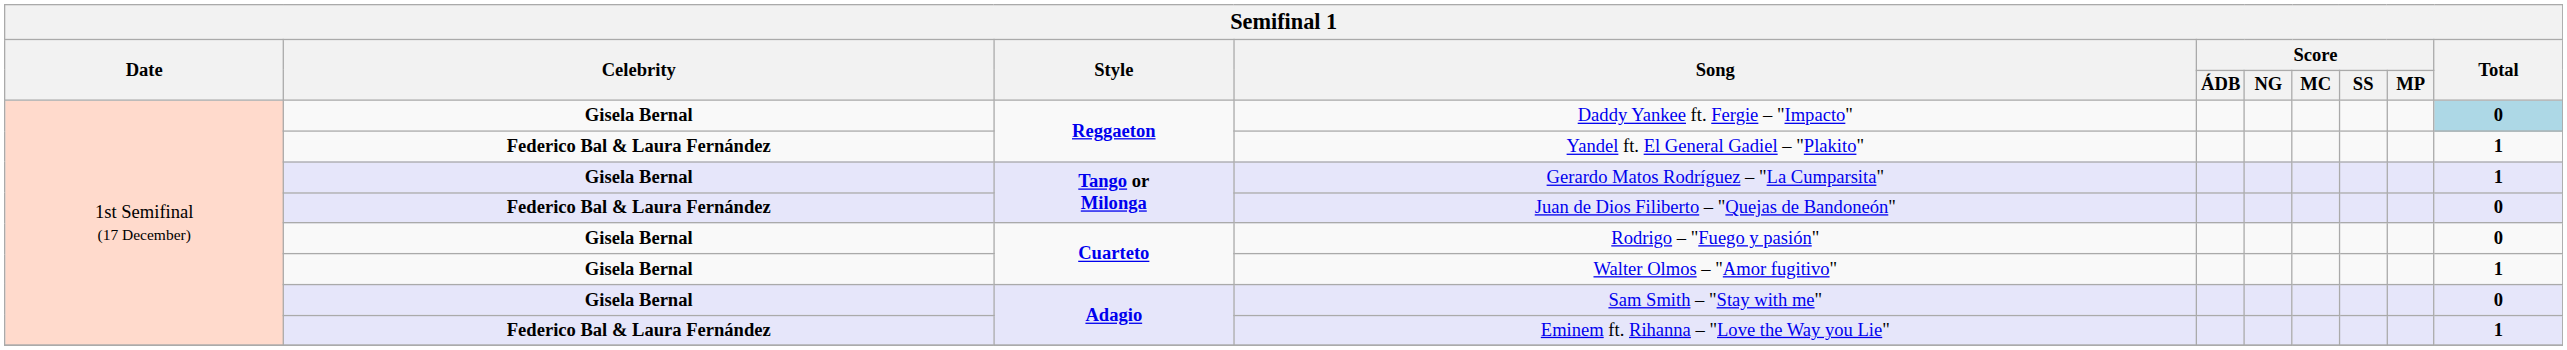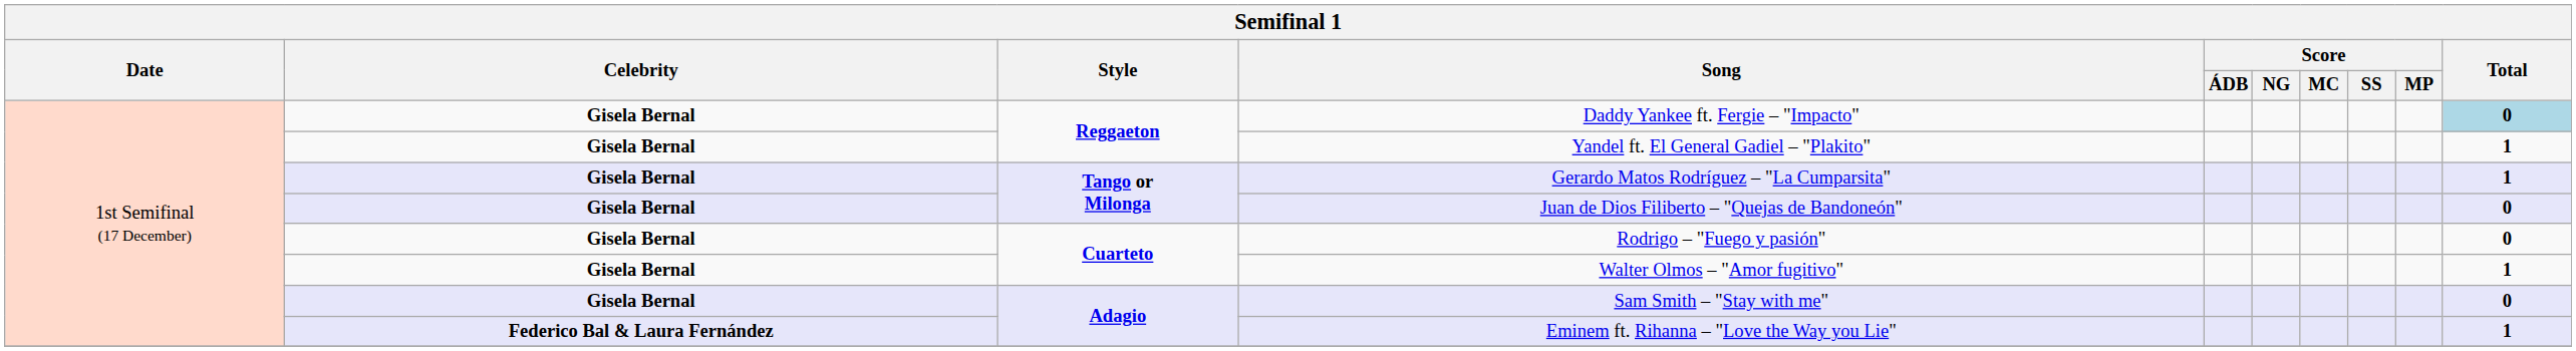 <table class="wikitable collapsible collapsed" style="font-size:90%; text-align: center; width: 100%;">
 <tr>
 <th colspan="11" style="with: 95%;" align=center><big>Semifinal 1</big></th>
 </tr>
 <tr>
 <th rowspan="2">Date</th>
 <th rowspan="2">Celebrity</th>
 <th rowspan="2">Style</th>
 <th rowspan="2">Song</th>
 <th colspan="5">Score</th>
 <th rowspan="2">Total</th>
 </tr>
 <tr>
 <th width=30>ÁDB</th>
 <th width=30>NG</th>
 <th width=30>MC</th>
 <th width=30>SS</th>
 <th width=30>MP</th>
 </tr>
 <tr>
 <td rowspan="8" style=" background:#ffdacc">1st Semifinal <br> <small>(17 December)</small></td>
 <td><strong>Gisela Bernal</strong></td>
 <td rowspan="2"><strong><a href='#'>Reggaeton</a></strong></td>
 <td><a href='#'>Daddy Yankee</a> ft. <a href='#'>Fergie</a> – "<a href='#'>Impacto</a>"</td>
 <td></td>
 <td></td>
 <td></td>
 <td></td>
 <td></td>
 <td style="background: lightblue;"><strong>0</strong></td>
 </tr>
 <tr>
-<td><strong>Federico Bal & Laura Fernández</strong></td>
+<td><strong>Gisela Bernal</strong></td>
 <td><a href='#'>Yandel</a> ft. <a href='#'>El General Gadiel</a> – "<a href='#'>Plakito</a>"</td>
 <td></td>
 <td></td>
 <td></td>
 <td></td>
 <td></td>
 <td><strong>1</strong></td>
 </tr>
 <tr style="background:lavender;">
 <td><strong>Gisela Bernal</strong></td>
 <td rowspan="2"><strong><a href='#'>Tango</a> or <br><a href='#'>Milonga</a></strong></td>
 <td><a href='#'>Gerardo Matos Rodríguez</a> – "<a href='#'>La Cumparsita</a>"</td>
 <td></td>
 <td></td>
 <td></td>
 <td></td>
 <td></td>
 <td><strong>1</strong></td>
 </tr>
 <tr style="background:lavender;">
-<td><strong>Federico Bal & Laura Fernández</strong></td>
+<td><strong>Gisela Bernal</strong></td>
 <td><a href='#'>Juan de Dios Filiberto</a> – "<a href='#'>Quejas de Bandoneón</a>"</td>
 <td></td>
 <td></td>
 <td></td>
 <td></td>
 <td></td>
 <td><strong>0</strong></td>
 </tr>
 <tr>
 <td><strong>Gisela Bernal</strong></td>
 <td rowspan="2"><strong><a href='#'>Cuarteto</a></strong></td>
 <td><a href='#'>Rodrigo</a> – "<a href='#'>Fuego y pasión</a>"</td>
 <td></td>
 <td></td>
 <td></td>
 <td></td>
 <td></td>
 <td><strong>0</strong></td>
 </tr>
 <tr>
 <td><strong>Gisela Bernal</strong></td>
 <td><a href='#'>Walter Olmos</a> – "<a href='#'>Amor fugitivo</a>"</td>
 <td></td>
 <td></td>
 <td></td>
 <td></td>
 <td></td>
 <td><strong>1</strong></td>
 </tr>
 <tr style="background:lavender;">
 <td><strong>Gisela Bernal</strong></td>
 <td rowspan="2"><strong><a href='#'>Adagio</a></strong></td>
 <td><a href='#'>Sam Smith</a> – "<a href='#'>Stay with me</a>"</td>
 <td></td>
 <td></td>
 <td></td>
 <td></td>
 <td></td>
 <td><strong>0</strong></td>
 </tr>
 <tr style="background:lavender;">
 <td><strong>Federico Bal & Laura Fernández</strong></td>
 <td><a href='#'>Eminem</a> ft. <a href='#'>Rihanna</a> – "<a href='#'>Love the Way you Lie</a>"</td>
 <td></td>
 <td></td>
 <td></td>
 <td></td>
 <td></td>
 <td><strong>1</strong></td>
 </tr>
 <tr>
 </tr>
 </table>
